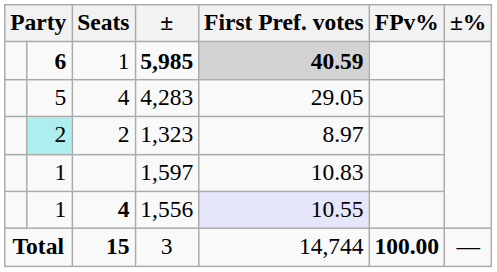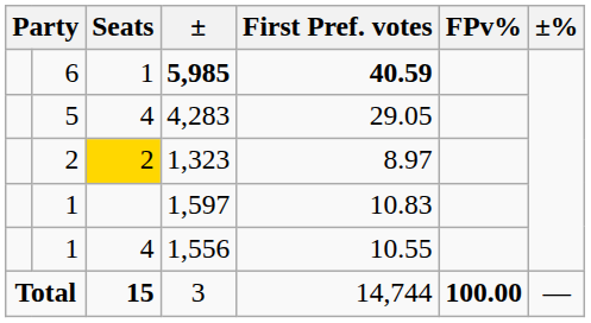 <table class=wikitable>
 <tr>
 <th colspan=2 align=center>Party</th>
 <th valign=top>Seats</th>
 <th valign=top>±</th>
 <th valign=top>First Pref. votes</th>
 <th valign=top>FPv%</th>
 <th valign=top>±%</th>
 </tr>
 <tr>
 <td></td>
-<td align=right><strong>6</strong></td>
+<td align=right>6</td>
 <td align=right>1</td>
 <td align=right><strong>5,985</strong></td>
-<td align=right style="background: lightgrey;"><strong>40.59</strong></td>
+<td align=right><strong>40.59</strong></td>
 <td align=right></td>
 </tr>
 <tr>
 <td></td>
 <td align=right>5</td>
 <td align=right>4</td>
 <td align=right>4,283</td>
 <td align=right>29.05</td>
 <td align=right></td>
 </tr>
 <tr>
 <td></td>
-<td align=right style="background: paleturquoise;">2</td>
 <td align=right>2</td>
+<td align=right style="background: gold;">2</td>
 <td align=right>1,323</td>
 <td align=right>8.97</td>
 <td align=right></td>
 </tr>
 <tr>
 <td></td>
 <td align=right>1</td>
 <td align=right></td>
 <td align=right>1,597</td>
 <td align=right>10.83</td>
 <td align=right></td>
 </tr>
 <tr>
 <td></td>
 <td align=right>1</td>
-<td align=right><strong>4</strong></td>
+<td align=right>4</td>
 <td align=right>1,556</td>
-<td align=right style="background: lavender;">10.55</td>
+<td align=right>10.55</td>
 <td align=right></td>
 </tr>
 <tr>
 <td colspan=2 align=center><strong>Total</strong></td>
 <td align=right><strong>15</strong></td>
 <td align=center>3</td>
 <td align=right>14,744</td>
 <td align=center><strong>100.00</strong></td>
 <td align=center>—</td>
 </tr>
 </table>
